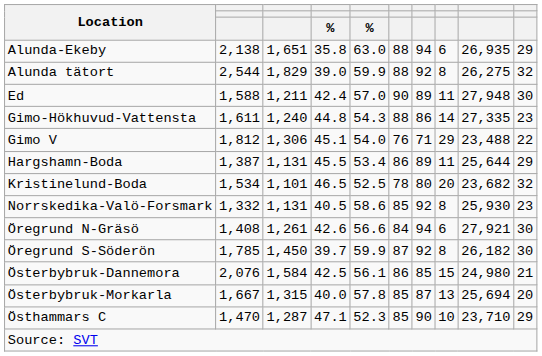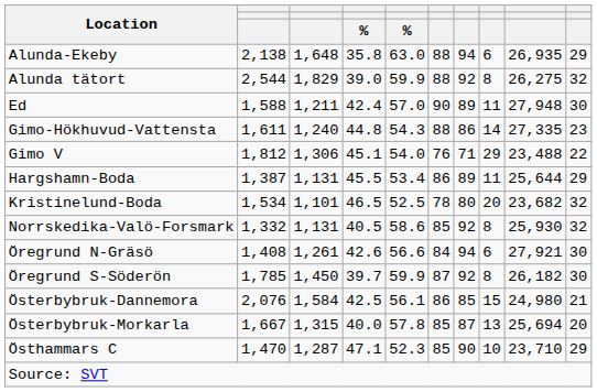 <table role="presentation" class="wikitable sortable mw-collapsible">
 <tr>
 <th rowspan="3">Location</th>
 <th></th>
 <th></th>
 <th></th>
 <th></th>
 <th></th>
 <th></th>
 <th></th>
 <th></th>
 <th></th>
 </tr>
 <tr>
 <th></th>
 <th></th>
 <th style="background:"></th>
 <th style="background:"></th>
 <th></th>
 <th></th>
 <th></th>
 <th></th>
 <th></th>
 </tr>
 <tr>
 <th data-sort-type="number"></th>
 <th data-sort-type="number"></th>
 <th data-sort-type="number">%</th>
 <th data-sort-type="number">%</th>
 <th data-sort-type="number"></th>
 <th data-sort-type="number"></th>
 <th data-sort-type="number"></th>
 <th data-sort-type="number"></th>
 <th data-sort-type="number"></th>
 </tr>
 <tr>
 <td align="left">Alunda-Ekeby</td>
 <td>2,138</td>
-<td>1,651</td>
+<td>1,648</td>
 <td>35.8</td>
 <td>63.0</td>
 <td>88</td>
 <td>94</td>
 <td>6</td>
 <td>26,935</td>
 <td>29</td>
 </tr>
 <tr>
 <td align="left">Alunda tätort</td>
 <td>2,544</td>
 <td>1,829</td>
 <td>39.0</td>
 <td>59.9</td>
 <td>88</td>
 <td>92</td>
 <td>8</td>
 <td>26,275</td>
 <td>32</td>
 </tr>
 <tr>
 <td align="left">Ed</td>
 <td>1,588</td>
 <td>1,211</td>
 <td>42.4</td>
 <td>57.0</td>
 <td>90</td>
 <td>89</td>
 <td>11</td>
 <td>27,948</td>
 <td>30</td>
 </tr>
 <tr>
 <td align="left">Gimo-Hökhuvud-Vattensta</td>
 <td>1,611</td>
 <td>1,240</td>
 <td>44.8</td>
 <td>54.3</td>
 <td>88</td>
 <td>86</td>
 <td>14</td>
 <td>27,335</td>
 <td>23</td>
 </tr>
 <tr>
 <td align="left">Gimo V</td>
 <td>1,812</td>
 <td>1,306</td>
 <td>45.1</td>
 <td>54.0</td>
 <td>76</td>
 <td>71</td>
 <td>29</td>
 <td>23,488</td>
 <td>22</td>
 </tr>
 <tr>
 <td align="left">Hargshamn-Boda</td>
 <td>1,387</td>
 <td>1,131</td>
 <td>45.5</td>
 <td>53.4</td>
 <td>86</td>
 <td>89</td>
 <td>11</td>
 <td>25,644</td>
 <td>29</td>
 </tr>
 <tr>
 <td align="left">Kristinelund-Boda</td>
 <td>1,534</td>
 <td>1,101</td>
 <td>46.5</td>
 <td>52.5</td>
 <td>78</td>
 <td>80</td>
 <td>20</td>
 <td>23,682</td>
 <td>32</td>
 </tr>
 <tr>
 <td align="left">Norrskedika-Valö-Forsmark</td>
 <td>1,332</td>
 <td>1,131</td>
 <td>40.5</td>
 <td>58.6</td>
 <td>85</td>
 <td>92</td>
 <td>8</td>
 <td>25,930</td>
-<td>23</td>
+<td>32</td>
 </tr>
 <tr>
 <td align="left">Öregrund N-Gräsö</td>
 <td>1,408</td>
 <td>1,261</td>
 <td>42.6</td>
 <td>56.6</td>
 <td>84</td>
 <td>94</td>
 <td>6</td>
 <td>27,921</td>
 <td>30</td>
 </tr>
 <tr>
 <td align="left">Öregrund S-Söderön</td>
 <td>1,785</td>
 <td>1,450</td>
 <td>39.7</td>
 <td>59.9</td>
 <td>87</td>
 <td>92</td>
 <td>8</td>
 <td>26,182</td>
 <td>30</td>
 </tr>
 <tr>
 <td align="left">Österbybruk-Dannemora</td>
 <td>2,076</td>
 <td>1,584</td>
 <td>42.5</td>
 <td>56.1</td>
 <td>86</td>
 <td>85</td>
 <td>15</td>
 <td>24,980</td>
 <td>21</td>
 </tr>
 <tr>
 <td align="left">Österbybruk-Morkarla</td>
 <td>1,667</td>
 <td>1,315</td>
 <td>40.0</td>
 <td>57.8</td>
 <td>85</td>
 <td>87</td>
 <td>13</td>
 <td>25,694</td>
 <td>20</td>
 </tr>
 <tr>
 <td align="left">Östhammars C</td>
 <td>1,470</td>
 <td>1,287</td>
 <td>47.1</td>
 <td>52.3</td>
 <td>85</td>
 <td>90</td>
 <td>10</td>
 <td>23,710</td>
 <td>29</td>
 </tr>
 <tr>
 <td colspan="10" align="left">Source: <a href='#'>SVT</a></td>
 </tr>
 </table>
